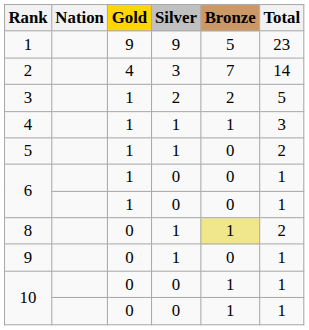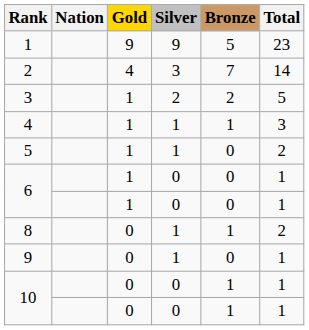 <table class="wikitable sortable" style="text-align:center">
 <tr>
 <th>Rank</th>
 <th>Nation</th>
 <th style="background-color:gold">Gold</th>
 <th style="background-color:silver">Silver</th>
 <th style="background-color:#cc9966">Bronze</th>
 <th>Total</th>
 </tr>
 <tr>
 <td>1</td>
 <td align="left"></td>
 <td>9</td>
 <td>9</td>
 <td>5</td>
 <td>23</td>
 </tr>
 <tr>
 <td>2</td>
 <td align="left"></td>
 <td>4</td>
 <td>3</td>
 <td>7</td>
 <td>14</td>
 </tr>
 <tr>
 <td>3</td>
 <td align="left"></td>
 <td>1</td>
 <td>2</td>
 <td>2</td>
 <td>5</td>
 </tr>
 <tr>
 <td>4</td>
 <td align="left"></td>
 <td>1</td>
 <td>1</td>
 <td>1</td>
 <td>3</td>
 </tr>
 <tr>
 <td>5</td>
 <td align="left"></td>
 <td>1</td>
 <td>1</td>
 <td>0</td>
 <td>2</td>
 </tr>
 <tr>
 <td rowspan="2">6</td>
 <td align="left"></td>
 <td>1</td>
 <td>0</td>
 <td>0</td>
 <td>1</td>
 </tr>
 <tr>
 <td align="left"></td>
 <td>1</td>
 <td>0</td>
 <td>0</td>
 <td>1</td>
 </tr>
 <tr>
 <td>8</td>
 <td align="left"></td>
 <td>0</td>
 <td>1</td>
-<td style="background: khaki;">1</td>
+<td>1</td>
 <td>2</td>
 </tr>
 <tr>
 <td>9</td>
 <td align="left"></td>
 <td>0</td>
 <td>1</td>
 <td>0</td>
 <td>1</td>
 </tr>
 <tr>
 <td rowspan="2">10</td>
 <td align="left"></td>
 <td>0</td>
 <td>0</td>
 <td>1</td>
 <td>1</td>
 </tr>
 <tr>
 <td align="left"></td>
 <td>0</td>
 <td>0</td>
 <td>1</td>
 <td>1</td>
 </tr>
 </table>
